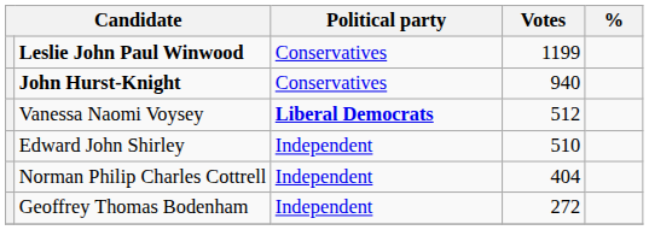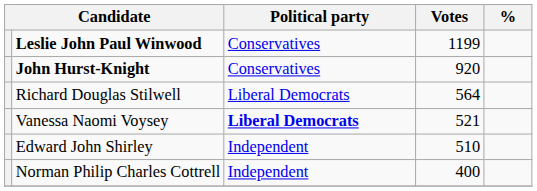 <table class="wikitable">
 <tr>
 <th valign=top colspan="2" style="width: 180px">Candidate</th>
 <th valign=top style="width: 180px">Political party</th>
 <th valign=top style="width: 60px">Votes</th>
 <th valign=top style="width: 40px">%</th>
 </tr>
 <tr>
 <th style="background-color: "></th>
 <td><strong>Leslie John Paul Winwood</strong></td>
 <td><a href='#'>Conservatives</a></td>
 <td align="right">1199</td>
 <td align="right"></td>
 </tr>
 <tr>
 <th style="background-color: "></th>
 <td><strong>John Hurst-Knight</strong></td>
 <td><a href='#'>Conservatives</a></td>
-<td align="right">940</td>
+<td align="right">920</td>
+<td align="right"></td>
+</tr>
+<tr>
+<th style="background-color: "></th>
+<td>Richard Douglas Stilwell</td>
+<td><a href='#'>Liberal Democrats</a></td>
+<td align="right">564</td>
 <td align="right"></td>
 </tr>
 <tr>
 <th style="background-color: "></th>
 <td>Vanessa Naomi Voysey</td>
 <td><strong><a href='#'>Liberal Democrats</a></strong></td>
-<td align="right">512</td>
+<td align="right">521</td>
 <td align="right"></td>
 </tr>
 <tr>
 <th style="background-color: "></th>
 <td>Edward John Shirley</td>
 <td><a href='#'>Independent</a></td>
 <td align="right">510</td>
 <td align="right"></td>
 </tr>
 <tr>
 <th style="background-color: "></th>
 <td>Norman Philip Charles Cottrell</td>
 <td><a href='#'>Independent</a></td>
-<td align="right">404</td>
-<td align="right"></td>
-</tr>
-<tr>
-<th style="background-color: "></th>
-<td>Geoffrey Thomas Bodenham</td>
-<td><a href='#'>Independent</a></td>
-<td align="right">272</td>
+<td align="right">400</td>
 <td align="right"></td>
 </tr>
 <tr>
 </tr>
 </table>
